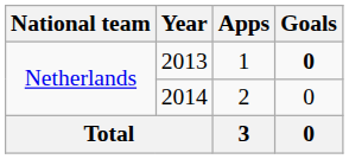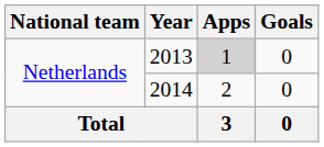 <table class="wikitable" style="text-align:center">
 <tr>
 <th>National team</th>
 <th>Year</th>
 <th>Apps</th>
 <th>Goals</th>
 </tr>
 <tr>
 <td rowspan="2"><a href='#'>Netherlands</a></td>
 <td>2013</td>
-<td>1</td>
-<td><strong>0</strong></td>
+<td style="background: lightgrey;">1</td>
+<td>0</td>
 </tr>
 <tr>
 <td>2014</td>
 <td>2</td>
 <td>0</td>
 </tr>
 <tr>
 <th colspan="2">Total</th>
 <th>3</th>
 <th>0</th>
 </tr>
 </table>
